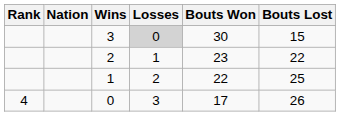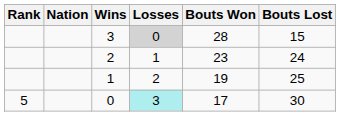 <table class="wikitable sortable" style="text-align:center">
 <tr>
 <th>Rank</th>
 <th>Nation</th>
 <th>Wins</th>
 <th>Losses</th>
 <th>Bouts Won</th>
 <th>Bouts Lost</th>
 </tr>
 <tr>
 <td></td>
 <td align=left></td>
 <td>3</td>
 <td style="background: lightgrey;">0</td>
-<td>30</td>
+<td>28</td>
 <td>15</td>
 </tr>
 <tr>
 <td></td>
 <td align=left></td>
 <td>2</td>
 <td>1</td>
 <td>23</td>
-<td>22</td>
+<td>24</td>
 </tr>
 <tr>
 <td></td>
 <td align=left></td>
 <td>1</td>
 <td>2</td>
-<td>22</td>
+<td>19</td>
 <td>25</td>
 </tr>
 <tr>
-<td>4</td>
+<td>5</td>
 <td align=left></td>
 <td>0</td>
-<td>3</td>
+<td style="background: paleturquoise;">3</td>
 <td>17</td>
-<td>26</td>
+<td>30</td>
 </tr>
 </table>
